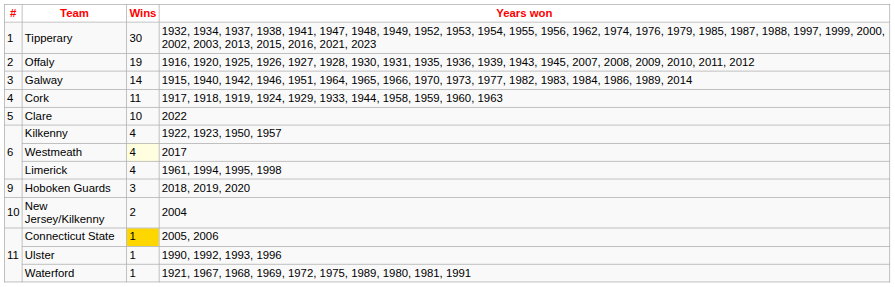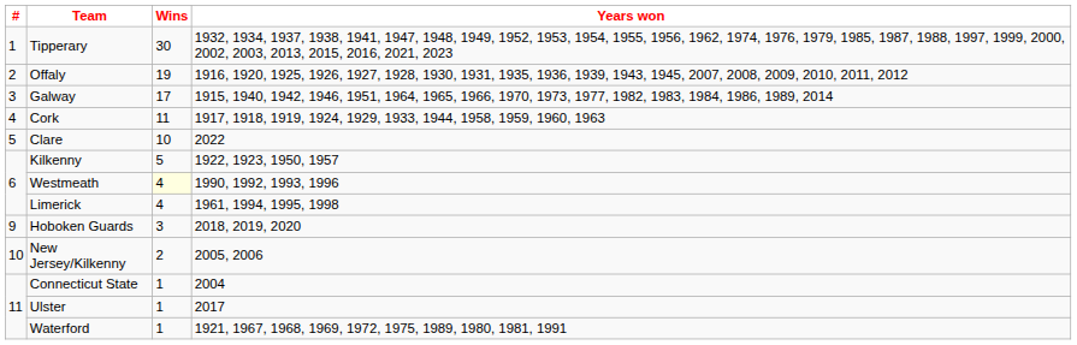 <table class="wikitable">
 <tr>
 <th style="background:white;color:red;">#</th>
 <th style="background:white;color:red;">Team</th>
 <th style="background:white;color:red;">Wins</th>
 <th style="background:white;color:red;">Years won</th>
 </tr>
 <tr>
 <td>1</td>
 <td>Tipperary</td>
 <td>30</td>
 <td>1932, 1934, 1937, 1938, 1941, 1947, 1948, 1949, 1952, 1953, 1954, 1955, 1956, 1962, 1974, 1976, 1979, 1985, 1987, 1988, 1997, 1999, 2000, 2002, 2003, 2013, 2015, 2016, 2021, 2023</td>
 </tr>
 <tr>
 <td>2</td>
 <td>Offaly</td>
 <td>19</td>
 <td>1916, 1920, 1925, 1926, 1927, 1928, 1930, 1931, 1935, 1936, 1939, 1943, 1945, 2007, 2008, 2009, 2010, 2011, 2012</td>
 </tr>
 <tr>
 <td>3</td>
 <td>Galway</td>
-<td>14</td>
+<td>17</td>
 <td>1915, 1940, 1942, 1946, 1951, 1964, 1965, 1966, 1970, 1973, 1977, 1982, 1983, 1984, 1986, 1989, 2014</td>
 </tr>
 <tr>
 <td>4</td>
 <td>Cork</td>
 <td>11</td>
 <td>1917, 1918, 1919, 1924, 1929, 1933, 1944, 1958, 1959, 1960, 1963</td>
 </tr>
 <tr>
 <td>5</td>
 <td>Clare</td>
 <td>10</td>
 <td>2022</td>
 </tr>
 <tr>
 <td rowspan="3">6</td>
 <td>Kilkenny</td>
-<td>4</td>
+<td>5</td>
 <td>1922, 1923, 1950, 1957</td>
 </tr>
 <tr>
 <td>Westmeath</td>
 <td style="background: lightyellow;">4</td>
-<td>2017</td>
+<td>1990, 1992, 1993, 1996</td>
 </tr>
 <tr>
 <td>Limerick</td>
 <td>4</td>
 <td>1961, 1994, 1995, 1998</td>
 </tr>
 <tr>
 <td>9</td>
 <td>Hoboken Guards</td>
 <td>3</td>
 <td>2018, 2019, 2020</td>
 </tr>
 <tr>
 <td>10</td>
 <td>New Jersey/Kilkenny</td>
 <td>2</td>
-<td>2004</td>
+<td>2005, 2006</td>
 </tr>
 <tr>
 <td rowspan="3">11</td>
 <td>Connecticut State</td>
-<td style="background: gold;">1</td>
-<td>2005, 2006</td>
+<td>1</td>
+<td>2004</td>
 </tr>
 <tr>
 <td>Ulster</td>
 <td>1</td>
-<td>1990, 1992, 1993, 1996</td>
+<td>2017</td>
 </tr>
 <tr>
 <td>Waterford</td>
 <td>1</td>
 <td>1921, 1967, 1968, 1969, 1972, 1975, 1989, 1980, 1981, 1991</td>
 </tr>
 </table>
